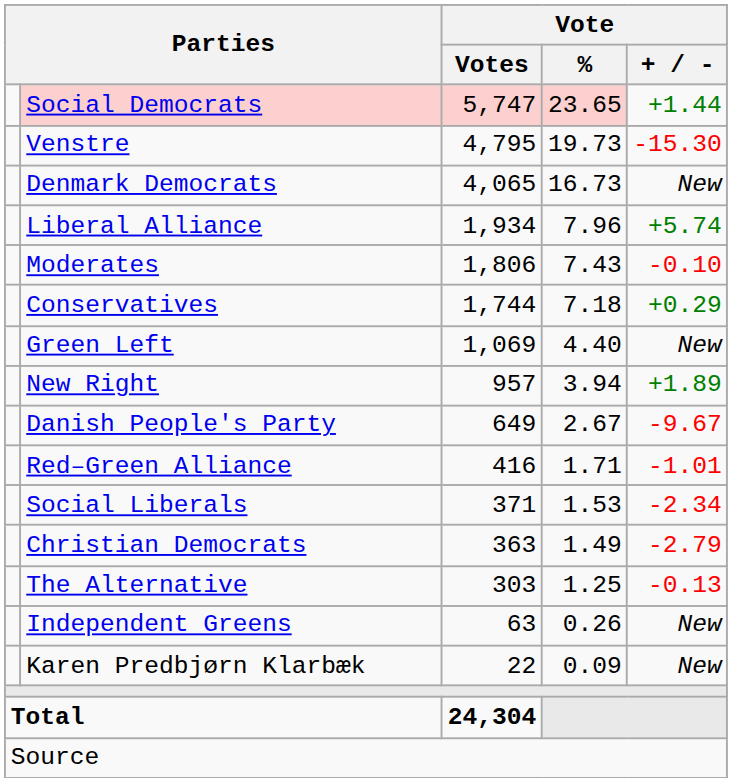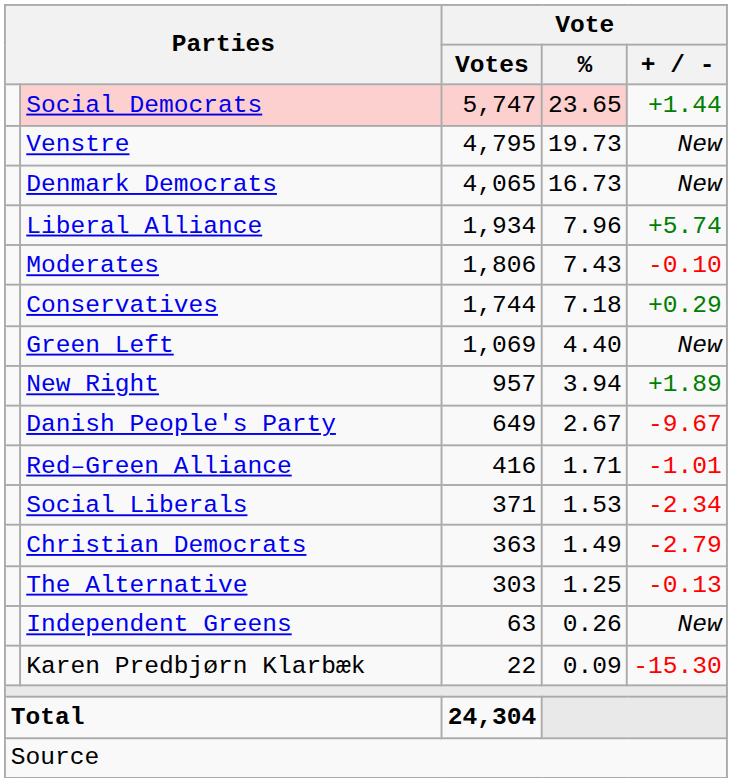 <table class="wikitable" style="text-align:right;">
 <tr>
 <th style="text-align:centre;" rowspan="2" colspan="2" width="225">Parties</th>
 <th colspan="3">Vote</th>
 </tr>
 <tr>
 <th width="15">Votes</th>
 <th width="15">%</th>
 <th width="15">+ / -</th>
 </tr>
 <tr>
 <td width="2" style="color:inherit;background:"></td>
 <td bgcolor=#fbd0ce  align="left"><a href='#'>Social Democrats</a></td>
 <td bgcolor=#fbd0ce>5,747</td>
 <td bgcolor=#fbd0ce>23.65</td>
 <td style=color:green;>+1.44</td>
 </tr>
 <tr>
 <td width="2" style="color:inherit;background:"></td>
 <td align="left"><a href='#'>Venstre</a></td>
 <td>4,795</td>
 <td>19.73</td>
-<td style=color:red;>-15.30</td>
+<td><em>New</em></td>
 </tr>
 <tr>
 <td width="2" style="color:inherit;background:"></td>
 <td align="left"><a href='#'>Denmark Democrats</a></td>
 <td>4,065</td>
 <td>16.73</td>
 <td><em>New</em></td>
 </tr>
 <tr>
 <td width="2" style="color:inherit;background:"></td>
 <td align="left"><a href='#'>Liberal Alliance</a></td>
 <td>1,934</td>
 <td>7.96</td>
 <td style=color:green;>+5.74</td>
 </tr>
 <tr>
 <td width="2" style="color:inherit;background:"></td>
 <td align="left"><a href='#'>Moderates</a></td>
 <td>1,806</td>
 <td>7.43</td>
 <td style=color:red;>-0.10</td>
 </tr>
 <tr>
 <td width="2" style="color:inherit;background:"></td>
 <td align="left"><a href='#'>Conservatives</a></td>
 <td>1,744</td>
 <td>7.18</td>
 <td style=color:green;>+0.29</td>
 </tr>
 <tr>
 <td width="2" style="color:inherit;background:"></td>
 <td align="left"><a href='#'>Green Left</a></td>
 <td>1,069</td>
 <td>4.40</td>
 <td><em>New</em></td>
 </tr>
 <tr>
 <td width="2" style="color:inherit;background:"></td>
 <td align="left"><a href='#'>New Right</a></td>
 <td>957</td>
 <td>3.94</td>
 <td style=color:green;>+1.89</td>
 </tr>
 <tr>
 <td width="2" style="color:inherit;background:"></td>
 <td align="left"><a href='#'>Danish People's Party</a></td>
 <td>649</td>
 <td>2.67</td>
 <td style=color:red;>-9.67</td>
 </tr>
 <tr>
 <td width="2" style="color:inherit;background:"></td>
 <td align="left"><a href='#'>Red–Green Alliance</a></td>
 <td>416</td>
 <td>1.71</td>
 <td style=color:red;>-1.01</td>
 </tr>
 <tr>
 <td width="2" style="color:inherit;background:"></td>
 <td align="left"><a href='#'>Social Liberals</a></td>
 <td>371</td>
 <td>1.53</td>
 <td style=color:red;>-2.34</td>
 </tr>
 <tr>
 <td width="2" style="color:inherit;background:"></td>
 <td align="left"><a href='#'>Christian Democrats</a></td>
 <td>363</td>
 <td>1.49</td>
 <td style=color:red;>-2.79</td>
 </tr>
 <tr>
 <td width="2" style="color:inherit;background:"></td>
 <td align="left"><a href='#'>The Alternative</a></td>
 <td>303</td>
 <td>1.25</td>
 <td style=color:red;>-0.13</td>
 </tr>
 <tr>
 <td width="2" style="color:inherit;background:"></td>
 <td align="left"><a href='#'>Independent Greens</a></td>
 <td>63</td>
 <td>0.26</td>
 <td><em>New</em></td>
 </tr>
 <tr>
 <td width="2" style="color:inherit;background:"></td>
 <td align="left">Karen Predbjørn Klarbæk</td>
 <td>22</td>
 <td>0.09</td>
-<td><em>New</em></td>
+<td style=color:red;>-15.30</td>
 </tr>
 <tr>
 <td colspan="7" bgcolor="#E9E9E9"></td>
 </tr>
 <tr>
 <td align="left" colspan="2"><strong>Total</strong></td>
 <td><strong>24,304</strong></td>
 <td bgcolor="#E9E9E9" colspan="2"></td>
 </tr>
 <tr>
 <td align="left" colspan="6">Source</td>
 </tr>
 </table>
